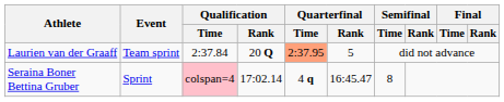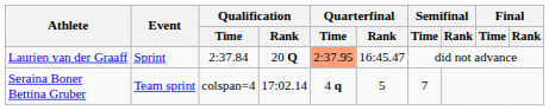 <table class="wikitable" style="font-size:90%">
 <tr>
 <th rowspan="2">Athlete</th>
 <th rowspan="2">Event</th>
 <th colspan="2">Qualification</th>
 <th colspan="2">Quarterfinal</th>
 <th colspan="2">Semifinal</th>
 <th colspan="2">Final</th>
 </tr>
 <tr style="font-size:95%">
 <th>Time</th>
 <th>Rank</th>
 <th>Time</th>
 <th>Rank</th>
 <th>Time</th>
 <th>Rank</th>
 <th>Time</th>
 <th>Rank</th>
 </tr>
 <tr align=center>
 <td align=left><a href='#'>Laurien van der Graaff</a></td>
-<td align=left><a href='#'>Team sprint</a></td>
+<td align=left><a href='#'>Sprint</a></td>
 <td>2:37.84</td>
 <td>20 <strong>Q</strong></td>
 <td style="background: lightsalmon;">2:37.95</td>
-<td>5</td>
+<td>16:45.47</td>
 <td colspan=6>did not advance</td>
 </tr>
 <tr align=center>
 <td align=left><a href='#'>Seraina Boner</a><br><a href='#'>Bettina Gruber</a></td>
-<td align=left><a href='#'>Sprint</a></td>
-<td style="background: pink;">colspan=4 </td>
+<td align=left><a href='#'>Team sprint</a></td>
+<td>colspan=4 </td>
 <td>17:02.14</td>
 <td>4 <strong>q</strong></td>
-<td>16:45.47</td>
-<td>8</td>
+<td>5</td>
+<td>7</td>
 </tr>
 </table>
